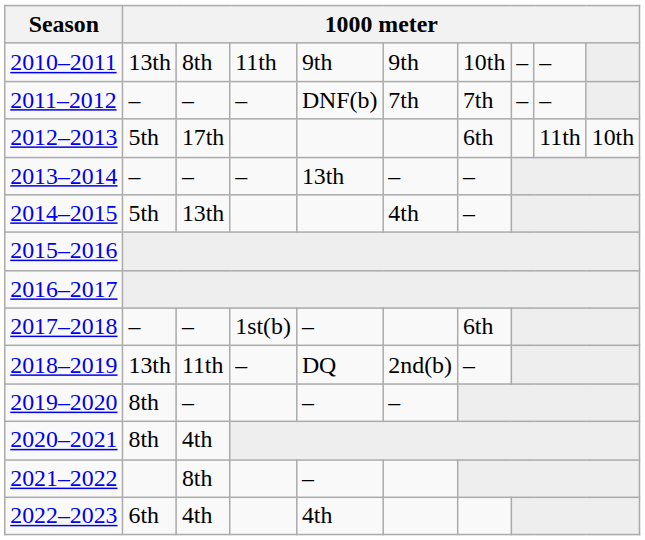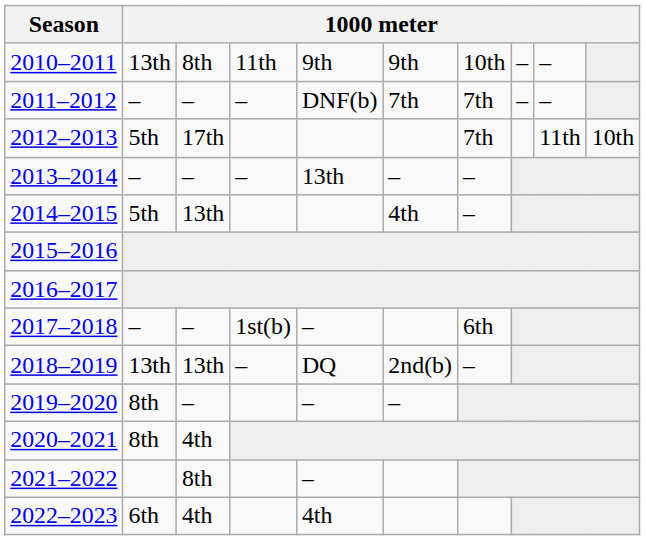 <table class="wikitable" style="display: inline-table;">
 <tr>
 <th>Season</th>
 <th colspan="12">1000 meter</th>
 </tr>
 <tr>
 <td><a href='#'> 2010–2011</a></td>
 <td>13th</td>
 <td>8th</td>
 <td>11th</td>
 <td>9th</td>
 <td>9th</td>
 <td>10th</td>
 <td>–</td>
 <td>–</td>
 <td colspan="1" bgcolor=#EEEEEE></td>
 </tr>
 <tr>
 <td><a href='#'> 2011–2012</a></td>
 <td>–</td>
 <td>–</td>
 <td>–</td>
 <td>DNF(b)</td>
 <td>7th</td>
 <td>7th</td>
 <td>–</td>
 <td>–</td>
 <td colspan="1" bgcolor=#EEEEEE></td>
 </tr>
 <tr>
 <td><a href='#'> 2012–2013</a></td>
 <td>5th</td>
 <td>17th</td>
 <td></td>
 <td></td>
 <td></td>
-<td>6th</td>
+<td>7th</td>
 <td></td>
 <td>11th</td>
 <td>10th</td>
 </tr>
 <tr>
 <td><a href='#'> 2013–2014</a></td>
 <td>–</td>
 <td>–</td>
 <td>–</td>
 <td>13th</td>
 <td>–</td>
 <td>–</td>
 <td colspan="4" bgcolor=#EEEEEE></td>
 </tr>
 <tr>
 <td><a href='#'> 2014–2015</a></td>
 <td>5th</td>
 <td>13th</td>
 <td></td>
 <td></td>
 <td>4th</td>
 <td>–</td>
 <td colspan="3" bgcolor=#EEEEEE></td>
 </tr>
 <tr>
 <td><a href='#'> 2015–2016</a></td>
 <td colspan="9" bgcolor=#EEEEEE></td>
 </tr>
 <tr>
 <td><a href='#'> 2016–2017</a></td>
 <td colspan="9" bgcolor=#EEEEEE></td>
 </tr>
 <tr>
 <td><a href='#'> 2017–2018</a></td>
 <td>–</td>
 <td>–</td>
 <td>1st(b)</td>
 <td>–</td>
 <td></td>
 <td>6th</td>
 <td 7th colspan="4" bgcolor=#EEEEEE></td>
 </tr>
 <tr>
 <td><a href='#'> 2018–2019</a></td>
 <td>13th</td>
-<td>11th</td>
+<td>13th</td>
 <td>–</td>
 <td>DQ</td>
 <td>2nd(b)</td>
 <td>–</td>
 <td colspan="3" bgcolor=#EEEEEE></td>
 </tr>
 <tr>
 <td><a href='#'> 2019–2020</a></td>
 <td>8th</td>
 <td>–</td>
 <td></td>
 <td>–</td>
 <td>–</td>
 <td colspan="4" bgcolor=#EEEEEE></td>
 </tr>
 <tr>
 <td><a href='#'> 2020–2021</a></td>
 <td>8th</td>
 <td>4th</td>
 <td colspan="7" bgcolor=#EEEEEE></td>
 </tr>
 <tr>
 <td><a href='#'> 2021–2022</a></td>
 <td></td>
 <td>8th</td>
 <td></td>
 <td>–</td>
 <td></td>
 <td colspan="4" bgcolor=#EEEEEE></td>
 </tr>
 <tr>
 <td><a href='#'> 2022–2023</a></td>
 <td>6th</td>
 <td>4th</td>
 <td></td>
 <td>4th</td>
 <td></td>
 <td></td>
 <td colspan="3" bgcolor=#EEEEEE></td>
 </tr>
 </table>
